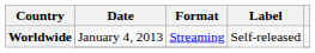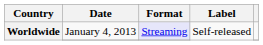 <table class="wikitable plainrowheaders">
 <tr>
 <th scope="col">Country</th>
 <th scope="col">Date</th>
 <th scope="col">Format</th>
 <th scope="col">Label</th>
 <th scope="col"></th>
 </tr>
 <tr>
 <th scope="row" rowspan="2">Worldwide</th>
 <td>January 4, 2013</td>
-<td><a href='#'>Streaming</a></td>
+<td style="background: lavender;"><a href='#'>Streaming</a></td>
 <td rowspan="2">Self-released</td>
 <td></td>
 </tr>
 <tr>
 </tr>
 </table>
